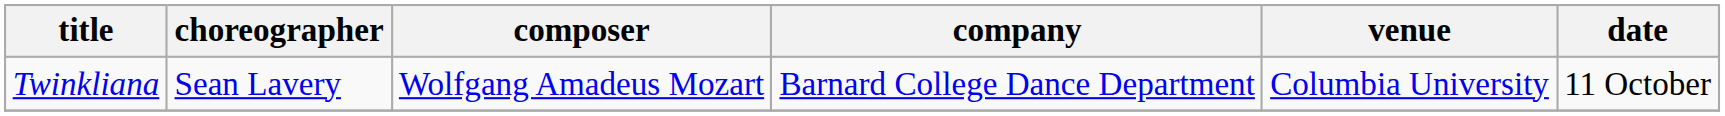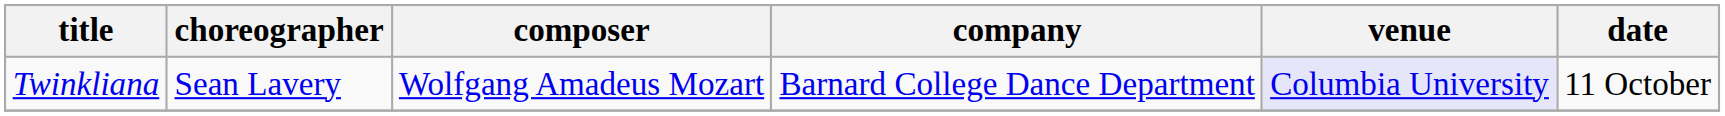 <table class="wikitable sortable">
 <tr>
 <th>title</th>
 <th>choreographer</th>
 <th>composer</th>
 <th>company</th>
 <th>venue</th>
 <th>date</th>
 </tr>
 <tr>
 <td><em><a href='#'>Twinkliana</a></em></td>
 <td><a href='#'>Sean Lavery</a></td>
 <td><a href='#'>Wolfgang Amadeus Mozart</a></td>
 <td><a href='#'>Barnard College Dance Department</a></td>
-<td><a href='#'>Columbia University</a></td>
+<td style="background: lavender;"><a href='#'>Columbia University</a></td>
 <td>11 October</td>
 </tr>
 <tr>
 </tr>
 </table>
